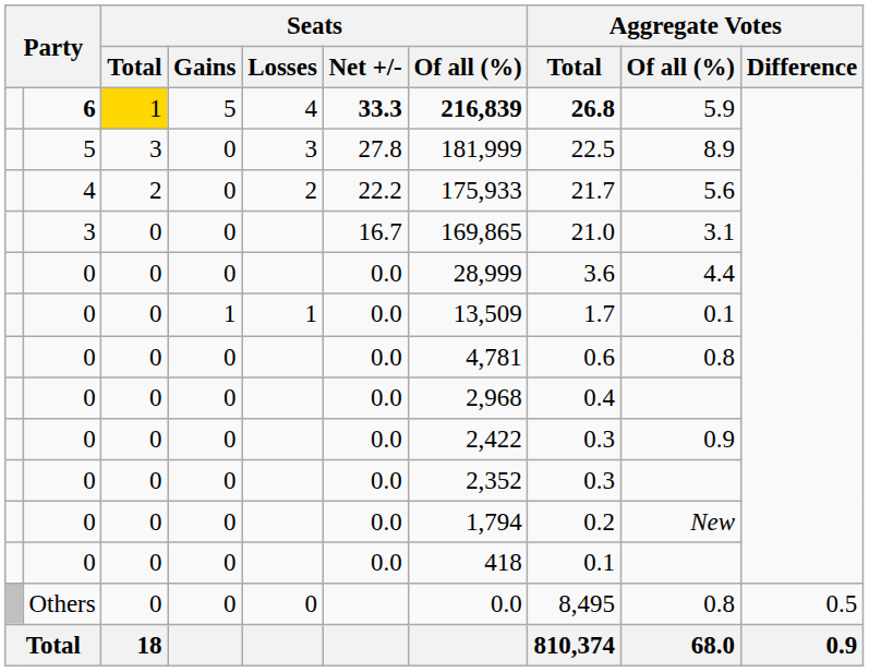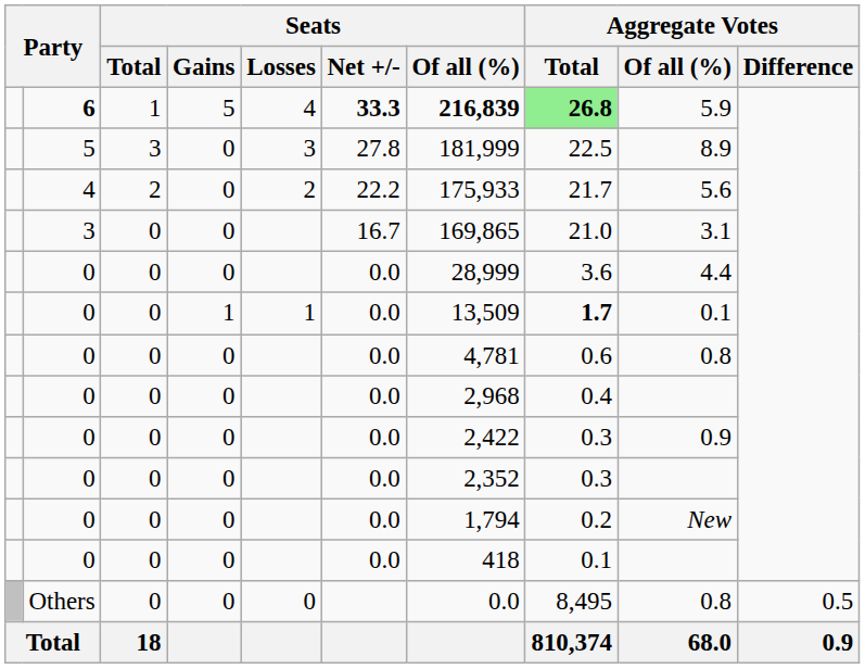 <table class="wikitable sortable" style="text-align:right; font-size:95%;">
 <tr>
 <th colspan="2" rowspan="2">Party</th>
 <th colspan="5">Seats</th>
 <th colspan="3">Aggregate Votes</th>
 </tr>
 <tr>
 <th>Total</th>
 <th>Gains</th>
 <th>Losses</th>
 <th>Net +/-</th>
 <th>Of all (%)</th>
 <th>Total</th>
 <th>Of all (%)</th>
 <th>Difference</th>
 </tr>
 <tr>
 <td></td>
 <td><strong>6</strong></td>
-<td style="background: gold;">1</td>
+<td>1</td>
 <td>5</td>
 <td>4</td>
 <td><strong>33.3</strong></td>
 <td><strong>216,839</strong></td>
-<td><strong>26.8</strong></td>
+<td style="background: lightgreen;"><strong>26.8</strong></td>
 <td>5.9</td>
 </tr>
 <tr>
 <td></td>
 <td>5</td>
 <td>3</td>
 <td>0</td>
 <td>3</td>
 <td>27.8</td>
 <td>181,999</td>
 <td>22.5</td>
 <td>8.9</td>
 </tr>
 <tr>
 <td></td>
 <td>4</td>
 <td>2</td>
 <td>0</td>
 <td>2</td>
 <td>22.2</td>
 <td>175,933</td>
 <td>21.7</td>
 <td>5.6</td>
 </tr>
 <tr>
 <td></td>
 <td>3</td>
 <td>0</td>
 <td>0</td>
 <td></td>
 <td>16.7</td>
 <td>169,865</td>
 <td>21.0</td>
 <td>3.1</td>
 </tr>
 <tr>
 <td></td>
 <td>0</td>
 <td>0</td>
 <td>0</td>
 <td></td>
 <td>0.0</td>
 <td>28,999</td>
 <td>3.6</td>
 <td>4.4</td>
 </tr>
 <tr>
 <td></td>
 <td>0</td>
 <td>0</td>
 <td>1</td>
 <td>1</td>
 <td>0.0</td>
 <td>13,509</td>
-<td>1.7</td>
+<td><strong>1.7</strong></td>
 <td>0.1</td>
 </tr>
 <tr>
 <td></td>
 <td>0</td>
 <td>0</td>
 <td>0</td>
 <td></td>
 <td>0.0</td>
 <td>4,781</td>
 <td>0.6</td>
 <td>0.8</td>
 </tr>
 <tr>
 <td></td>
 <td>0</td>
 <td>0</td>
 <td>0</td>
 <td></td>
 <td>0.0</td>
 <td>2,968</td>
 <td>0.4</td>
 <td></td>
 </tr>
 <tr>
 <td></td>
 <td>0</td>
 <td>0</td>
 <td>0</td>
 <td></td>
 <td>0.0</td>
 <td>2,422</td>
 <td>0.3</td>
 <td>0.9</td>
 </tr>
 <tr>
 <td></td>
 <td>0</td>
 <td>0</td>
 <td>0</td>
 <td></td>
 <td>0.0</td>
 <td>2,352</td>
 <td>0.3</td>
 <td></td>
 </tr>
 <tr>
 <td></td>
 <td>0</td>
 <td>0</td>
 <td>0</td>
 <td></td>
 <td>0.0</td>
 <td>1,794</td>
 <td>0.2</td>
 <td><em>New</em></td>
 </tr>
 <tr>
 <td></td>
 <td>0</td>
 <td>0</td>
 <td>0</td>
 <td></td>
 <td>0.0</td>
 <td>418</td>
 <td>0.1</td>
 <td></td>
 </tr>
 <tr>
 <td style="background:silver;"> </td>
 <td align=left>Others</td>
 <td>0</td>
 <td>0</td>
 <td>0</td>
 <td></td>
 <td>0.0</td>
 <td>8,495</td>
 <td>0.8</td>
 <td>0.5</td>
 </tr>
 <tr class="sortbottom">
 <th colspan="2" style="background:#f2f2f2"><strong>Total</strong></th>
 <td style="background:#f2f2f2;"><strong>18</strong></td>
 <td style="background:#f2f2f2;"></td>
 <td style="background:#f2f2f2;"></td>
 <td style="background:#f2f2f2;"></td>
 <td style="background:#f2f2f2;"></td>
 <td style="background:#f2f2f2;"><strong>810,374</strong></td>
 <td style="background:#f2f2f2;"><strong>68.0</strong></td>
 <td style="background:#f2f2f2;"><strong>0.9</strong></td>
 </tr>
 </table>
